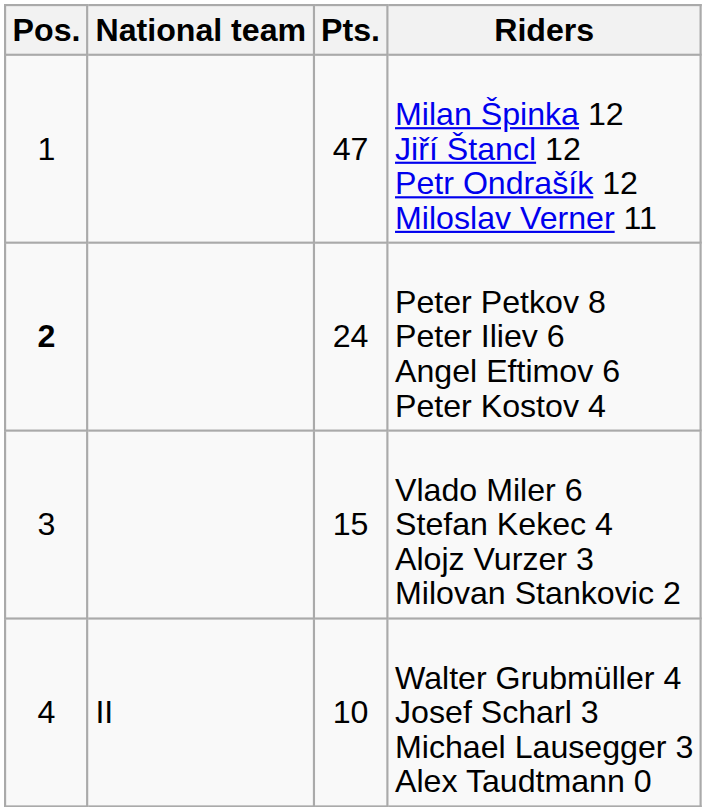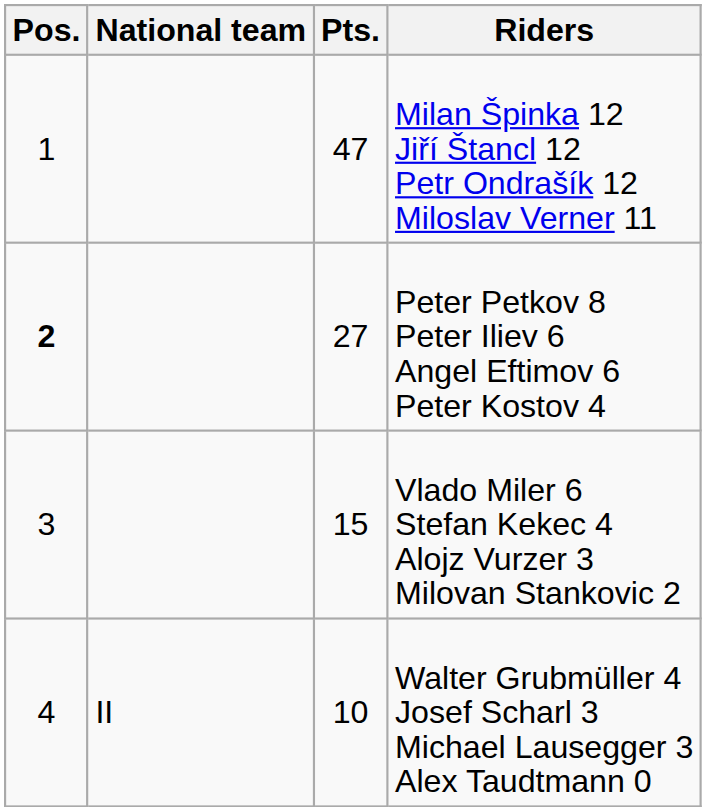 <table class=wikitable style="font-size:93%;">
 <tr>
 <th>Pos.</th>
 <th>National team</th>
 <th>Pts.</th>
 <th>Riders</th>
 </tr>
 <tr align=center >
 <td>1</td>
 <td align=left></td>
 <td>47</td>
 <td align=left><br><a href='#'>Milan Špinka</a> 12<br> <a href='#'>Jiří Štancl</a> 12<br> <a href='#'>Petr Ondrašík</a> 12<br> <a href='#'>Miloslav Verner</a> 11</td>
 </tr>
 <tr align=center >
 <td><strong>2</strong></td>
 <td align=left></td>
-<td>24</td>
+<td>27</td>
 <td align=left><br>Peter Petkov 8<br> Peter Iliev 6<br> Angel Eftimov 6<br> Peter Kostov 4</td>
 </tr>
 <tr align=center>
 <td>3</td>
 <td align=left></td>
 <td>15</td>
 <td align=left><br>Vlado Miler 6<br> Stefan Kekec 4<br> Alojz Vurzer 3<br> Milovan Stankovic 2</td>
 </tr>
 <tr align=center>
 <td>4</td>
 <td align=left> II</td>
 <td>10</td>
 <td align=left><br>Walter Grubmüller 4<br> Josef Scharl 3<br> Michael Lausegger 3<br> Alex Taudtmann 0</td>
 </tr>
 </table>
